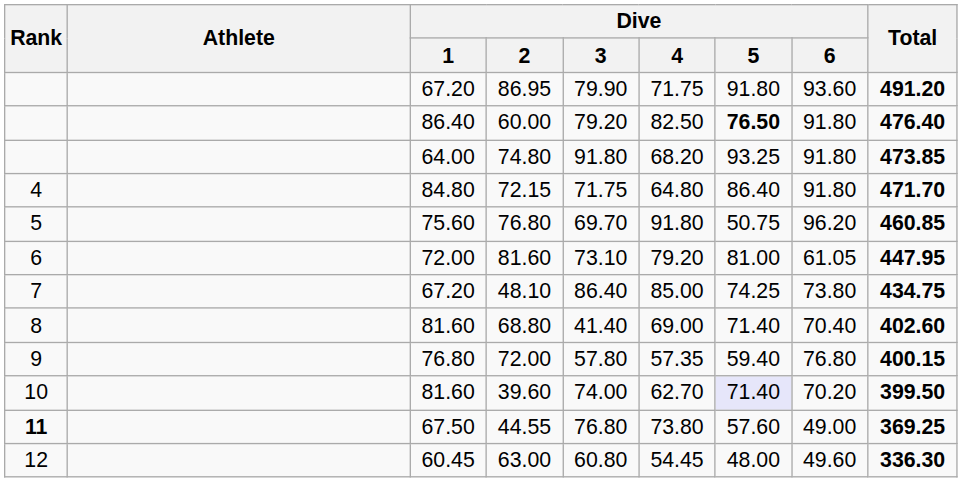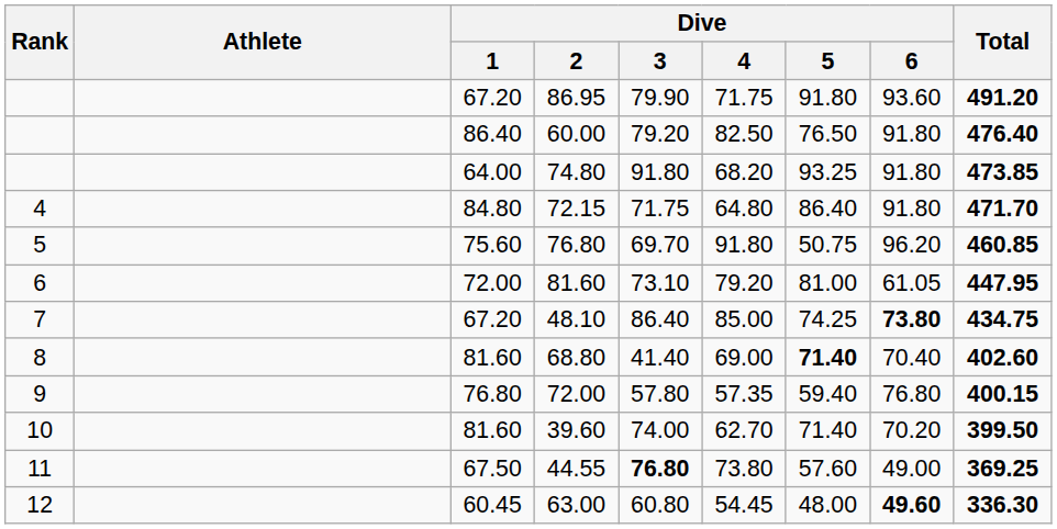 <table class="wikitable" style="text-align:center">
 <tr>
 <th rowspan="2" width="40">Rank</th>
 <th rowspan="2" width="250">Athlete</th>
 <th colspan="6">Dive</th>
 <th rowspan="2" width="60">Total</th>
 </tr>
 <tr>
 <th width="50">1</th>
 <th width="50">2</th>
 <th width="50">3</th>
 <th width="50">4</th>
 <th width="50">5</th>
 <th width="50">6</th>
 </tr>
 <tr>
 <td></td>
 <td align="left"></td>
 <td>67.20</td>
 <td>86.95</td>
 <td>79.90</td>
 <td>71.75</td>
 <td>91.80</td>
 <td>93.60</td>
 <td><strong>491.20</strong></td>
 </tr>
 <tr>
 <td></td>
 <td align="left"></td>
 <td>86.40</td>
 <td>60.00</td>
 <td>79.20</td>
 <td>82.50</td>
-<td><strong>76.50</strong></td>
+<td>76.50</td>
 <td>91.80</td>
 <td><strong>476.40</strong></td>
 </tr>
 <tr>
 <td></td>
 <td align="left"></td>
 <td>64.00</td>
 <td>74.80</td>
 <td>91.80</td>
 <td>68.20</td>
 <td>93.25</td>
 <td>91.80</td>
 <td><strong>473.85</strong></td>
 </tr>
 <tr>
 <td>4</td>
 <td align="left"></td>
 <td>84.80</td>
 <td>72.15</td>
 <td>71.75</td>
 <td>64.80</td>
 <td>86.40</td>
 <td>91.80</td>
 <td><strong>471.70</strong></td>
 </tr>
 <tr>
 <td>5</td>
 <td align="left"></td>
 <td>75.60</td>
 <td>76.80</td>
 <td>69.70</td>
 <td>91.80</td>
 <td>50.75</td>
 <td>96.20</td>
 <td><strong>460.85</strong></td>
 </tr>
 <tr>
 <td>6</td>
 <td align="left"></td>
 <td>72.00</td>
 <td>81.60</td>
 <td>73.10</td>
 <td>79.20</td>
 <td>81.00</td>
 <td>61.05</td>
 <td><strong>447.95</strong></td>
 </tr>
 <tr>
 <td>7</td>
 <td align="left"></td>
 <td>67.20</td>
 <td>48.10</td>
 <td>86.40</td>
 <td>85.00</td>
 <td>74.25</td>
-<td>73.80</td>
+<td><strong>73.80</strong></td>
 <td><strong>434.75</strong></td>
 </tr>
 <tr>
 <td>8</td>
 <td align="left"></td>
 <td>81.60</td>
 <td>68.80</td>
 <td>41.40</td>
 <td>69.00</td>
-<td>71.40</td>
+<td><strong>71.40</strong></td>
 <td>70.40</td>
 <td><strong>402.60</strong></td>
 </tr>
 <tr>
 <td>9</td>
 <td align="left"></td>
 <td>76.80</td>
 <td>72.00</td>
 <td>57.80</td>
 <td>57.35</td>
 <td>59.40</td>
 <td>76.80</td>
 <td><strong>400.15</strong></td>
 </tr>
 <tr>
 <td>10</td>
 <td align="left"></td>
 <td>81.60</td>
 <td>39.60</td>
 <td>74.00</td>
 <td>62.70</td>
-<td style="background: lavender;">71.40</td>
+<td>71.40</td>
 <td>70.20</td>
 <td><strong>399.50</strong></td>
 </tr>
 <tr>
-<td><strong>11</strong></td>
+<td>11</td>
 <td align="left"></td>
 <td>67.50</td>
 <td>44.55</td>
-<td>76.80</td>
+<td><strong>76.80</strong></td>
 <td>73.80</td>
 <td>57.60</td>
 <td>49.00</td>
 <td><strong>369.25</strong></td>
 </tr>
 <tr>
 <td>12</td>
 <td align="left"></td>
 <td>60.45</td>
 <td>63.00</td>
 <td>60.80</td>
 <td>54.45</td>
 <td>48.00</td>
-<td>49.60</td>
+<td><strong>49.60</strong></td>
 <td><strong>336.30</strong></td>
 </tr>
 </table>
